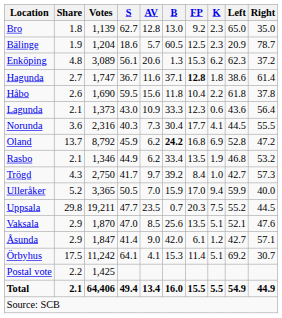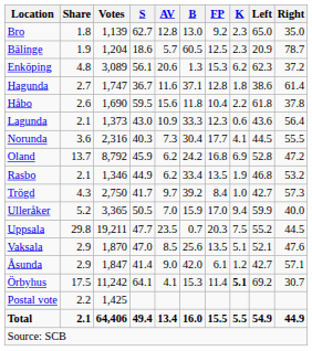 <table class="wikitable sortable" style=text-align:right>
 <tr>
 <th>Location</th>
 <th>Share</th>
 <th>Votes</th>
 <th><a href='#'>S</a></th>
 <th><a href='#'>AV</a></th>
 <th><a href='#'>B</a></th>
 <th><a href='#'>FP</a></th>
 <th><a href='#'>K</a></th>
 <th>Left</th>
 <th>Right</th>
 </tr>
 <tr>
 <td align=left><a href='#'>Bro</a></td>
 <td>1.8</td>
 <td>1,139</td>
 <td>62.7</td>
 <td>12.8</td>
 <td>13.0</td>
 <td>9.2</td>
 <td>2.3</td>
 <td>65.0</td>
 <td>35.0</td>
 </tr>
 <tr>
 <td align=left><a href='#'>Bälinge</a></td>
 <td>1.9</td>
 <td>1,204</td>
 <td>18.6</td>
 <td>5.7</td>
 <td>60.5</td>
 <td>12.5</td>
 <td>2.3</td>
 <td>20.9</td>
 <td>78.7</td>
 </tr>
 <tr>
 <td align=left><a href='#'>Enköping</a></td>
 <td>4.8</td>
 <td>3,089</td>
 <td>56.1</td>
 <td>20.6</td>
 <td>1.3</td>
 <td>15.3</td>
 <td>6.2</td>
 <td>62.3</td>
 <td>37.2</td>
 </tr>
 <tr>
 <td align=left><a href='#'>Hagunda</a></td>
 <td>2.7</td>
 <td>1,747</td>
 <td>36.7</td>
 <td>11.6</td>
 <td>37.1</td>
-<td><strong>12.8</strong></td>
+<td>12.8</td>
 <td>1.8</td>
 <td>38.6</td>
 <td>61.4</td>
 </tr>
 <tr>
 <td align=left><a href='#'>Håbo</a></td>
 <td>2.6</td>
 <td>1,690</td>
 <td>59.5</td>
 <td>15.6</td>
 <td>11.8</td>
 <td>10.4</td>
 <td>2.2</td>
 <td>61.8</td>
 <td>37.8</td>
 </tr>
 <tr>
 <td align=left><a href='#'>Lagunda</a></td>
 <td>2.1</td>
 <td>1,373</td>
 <td>43.0</td>
 <td>10.9</td>
 <td>33.3</td>
 <td>12.3</td>
 <td>0.6</td>
 <td>43.6</td>
 <td>56.4</td>
 </tr>
 <tr>
 <td align=left><a href='#'>Norunda</a></td>
 <td>3.6</td>
 <td>2,316</td>
 <td>40.3</td>
 <td>7.3</td>
 <td>30.4</td>
 <td>17.7</td>
 <td>4.1</td>
 <td>44.5</td>
 <td>55.5</td>
 </tr>
 <tr>
 <td align=left><a href='#'>Oland</a></td>
 <td>13.7</td>
 <td>8,792</td>
 <td>45.9</td>
 <td>6.2</td>
-<td><strong>24.2</strong></td>
+<td>24.2</td>
 <td>16.8</td>
 <td>6.9</td>
 <td>52.8</td>
 <td>47.2</td>
 </tr>
 <tr>
 <td align=left><a href='#'>Rasbo</a></td>
 <td>2.1</td>
 <td>1,346</td>
 <td>44.9</td>
 <td>6.2</td>
 <td>33.4</td>
 <td>13.5</td>
 <td>1.9</td>
 <td>46.8</td>
 <td>53.2</td>
 </tr>
 <tr>
 <td align=left><a href='#'>Trögd</a></td>
 <td>4.3</td>
 <td>2,750</td>
 <td>41.7</td>
 <td>9.7</td>
 <td>39.2</td>
 <td>8.4</td>
 <td>1.0</td>
 <td>42.7</td>
 <td>57.3</td>
 </tr>
 <tr>
 <td align=left><a href='#'>Ulleråker</a></td>
 <td>5.2</td>
 <td>3,365</td>
 <td>50.5</td>
 <td>7.0</td>
 <td>15.9</td>
 <td>17.0</td>
 <td>9.4</td>
 <td>59.9</td>
 <td>40.0</td>
 </tr>
 <tr>
 <td align=left><a href='#'>Uppsala</a></td>
 <td>29.8</td>
 <td>19,211</td>
 <td>47.7</td>
 <td>23.5</td>
 <td>0.7</td>
 <td>20.3</td>
 <td>7.5</td>
 <td>55.2</td>
 <td>44.5</td>
 </tr>
 <tr>
 <td align=left><a href='#'>Vaksala</a></td>
 <td>2.9</td>
 <td>1,870</td>
 <td>47.0</td>
 <td>8.5</td>
 <td>25.6</td>
 <td>13.5</td>
 <td>5.1</td>
 <td>52.1</td>
 <td>47.6</td>
 </tr>
 <tr>
 <td align=left><a href='#'>Åsunda</a></td>
 <td>2.9</td>
 <td>1,847</td>
 <td>41.4</td>
 <td>9.0</td>
 <td>42.0</td>
 <td>6.1</td>
 <td>1.2</td>
 <td>42.7</td>
 <td>57.1</td>
 </tr>
 <tr>
 <td align=left><a href='#'>Örbyhus</a></td>
 <td>17.5</td>
 <td>11,242</td>
 <td>64.1</td>
 <td>4.1</td>
 <td>15.3</td>
 <td>11.4</td>
-<td>5.1</td>
+<td><strong>5.1</strong></td>
 <td>69.2</td>
 <td>30.7</td>
 </tr>
 <tr>
 <td align=left><a href='#'>Postal vote</a></td>
 <td>2.2</td>
 <td>1,425</td>
 <td></td>
 <td></td>
 <td></td>
 <td></td>
 <td></td>
 <td></td>
 <td></td>
 </tr>
 <tr>
 <td align=left><strong>Total</strong></td>
 <td><strong>2.1</strong></td>
 <td><strong>64,406</strong></td>
 <td><strong>49.4</strong></td>
 <td><strong>13.4</strong></td>
 <td><strong>16.0</strong></td>
 <td><strong>15.5</strong></td>
 <td><strong>5.5</strong></td>
 <td><strong>54.9</strong></td>
 <td><strong>44.9</strong></td>
 </tr>
 <tr>
 <td align=left colspan=10>Source: SCB </td>
 </tr>
 </table>
